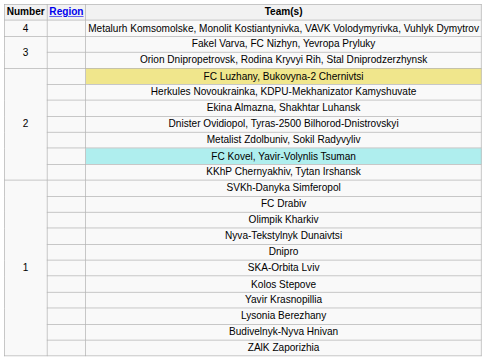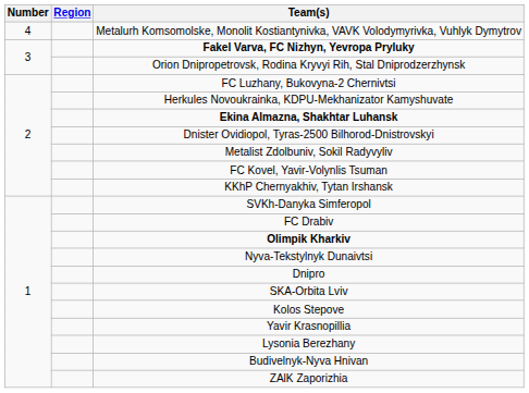 <table class="wikitable" style="text-align:center">
 <tr>
 <th>Number</th>
 <th><a href='#'>Region</a></th>
 <th>Team(s)</th>
 </tr>
 <tr>
 <td rowspan="1">4</td>
 <td align="left"></td>
 <td>Metalurh Komsomolske, Monolit Kostiantynivka, VAVK Volodymyrivka, Vuhlyk Dymytrov</td>
 </tr>
 <tr>
 <td rowspan="2">3</td>
 <td align="left"></td>
-<td>Fakel Varva, FC Nizhyn, Yevropa Pryluky</td>
+<td><strong>Fakel Varva, FC Nizhyn, Yevropa Pryluky</strong></td>
 </tr>
 <tr>
 <td align="left"></td>
 <td>Orion Dnipropetrovsk, Rodina Kryvyi Rih, Stal Dniprodzerzhynsk</td>
 </tr>
 <tr>
 <td rowspan="7">2</td>
 <td align="left"></td>
-<td style="background: khaki;">FC Luzhany, Bukovyna-2 Chernivtsi</td>
+<td>FC Luzhany, Bukovyna-2 Chernivtsi</td>
 </tr>
 <tr>
 <td align="left"></td>
 <td>Herkules Novoukrainka, KDPU-Mekhanizator Kamyshuvate</td>
 </tr>
 <tr>
 <td align="left"></td>
-<td>Ekina Almazna, Shakhtar Luhansk</td>
+<td><strong>Ekina Almazna, Shakhtar Luhansk</strong></td>
 </tr>
 <tr>
 <td align="left"></td>
 <td>Dnister Ovidiopol, Tyras-2500 Bilhorod-Dnistrovskyi</td>
 </tr>
 <tr>
 <td align="left"></td>
 <td>Metalist Zdolbuniv, Sokil Radyvyliv</td>
 </tr>
 <tr>
 <td align="left"></td>
-<td style="background: paleturquoise;">FC Kovel, Yavir-Volynlis Tsuman</td>
+<td>FC Kovel, Yavir-Volynlis Tsuman</td>
 </tr>
 <tr>
 <td align="left"></td>
 <td>KKhP Chernyakhiv, Tytan Irshansk</td>
 </tr>
 <tr>
 <td rowspan="16">1</td>
 <td align="left"></td>
 <td>SVKh-Danyka Simferopol</td>
 </tr>
 <tr>
 <td align="left"></td>
 <td>FC Drabiv</td>
 </tr>
 <tr>
 <td align="left"></td>
-<td>Olimpik Kharkiv</td>
+<td><strong>Olimpik Kharkiv</strong></td>
 </tr>
 <tr>
 <td align="left"></td>
 <td>Nyva-Tekstylnyk Dunaivtsi</td>
 </tr>
 <tr>
 <td align="left"></td>
 <td>Dnipro</td>
 </tr>
 <tr>
 <td align="left"></td>
 <td>SKA-Orbita Lviv</td>
 </tr>
 <tr>
 <td align="left"></td>
 <td>Kolos Stepove</td>
 </tr>
 <tr>
 <td align="left"></td>
 <td>Yavir Krasnopillia</td>
 </tr>
 <tr>
 <td align="left"></td>
 <td>Lysonia Berezhany</td>
 </tr>
 <tr>
 <td align="left"></td>
 <td>Budivelnyk-Nyva Hnivan</td>
 </tr>
 <tr>
 <td align="left"></td>
 <td>ZAlK Zaporizhia</td>
 </tr>
 </table>
